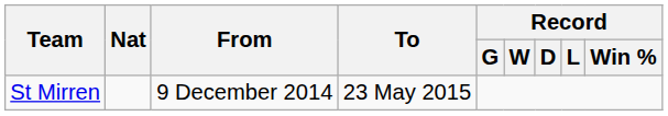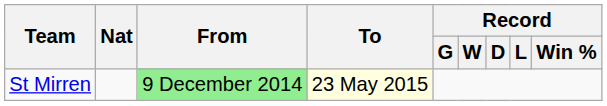 <table class="wikitable" style="text-align: center">
 <tr>
 <th rowspan="2">Team</th>
 <th rowspan="2">Nat</th>
 <th rowspan="2">From</th>
 <th rowspan="2">To</th>
 <th colspan="5">Record</th>
 </tr>
 <tr>
 <th>G</th>
 <th>W</th>
 <th>D</th>
 <th>L</th>
 <th>Win %</th>
 </tr>
 <tr>
 <td align=left><a href='#'>St Mirren</a></td>
 <td></td>
-<td align=left>9 December 2014</td>
-<td align=left>23 May 2015<br></td>
+<td align=left style="background: lightgreen;">9 December 2014</td>
+<td align=left style="background: lightyellow;">23 May 2015<br></td>
 </tr>
 </table>
